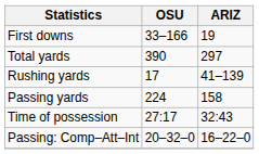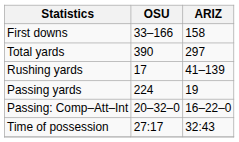 <table class="wikitable" style="float: left;">
 <tr>
 <th>Statistics</th>
 <th>OSU</th>
 <th>ARIZ</th>
 </tr>
 <tr>
 <td>First downs</td>
 <td>33–166</td>
-<td>19</td>
+<td>158</td>
 </tr>
 <tr>
 <td>Total yards</td>
 <td>390</td>
 <td>297</td>
 </tr>
 <tr>
 <td>Rushing yards</td>
 <td>17</td>
 <td>41–139</td>
 </tr>
 <tr>
 <td>Passing yards</td>
 <td>224</td>
-<td>158</td>
+<td>19</td>
+</tr>
+<tr>
+<td>Passing: Comp–Att–Int</td>
+<td>20–32–0</td>
+<td>16–22–0</td>
 </tr>
 <tr>
 <td>Time of possession</td>
 <td>27:17</td>
 <td>32:43</td>
 </tr>
 <tr>
-<td>Passing: Comp–Att–Int</td>
-<td>20–32–0</td>
-<td>16–22–0</td>
-</tr>
-<tr>
 </tr>
 </table>
